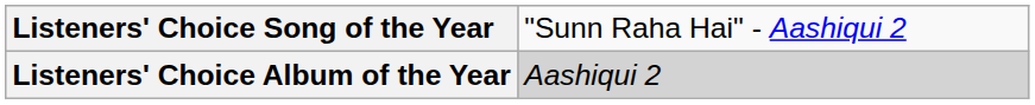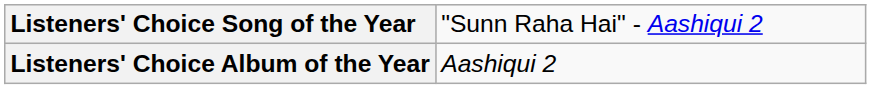 <table class="wikitable">
 <tr>
 <th style="text-align: left; width:50%;">Listeners' Choice Song of the Year</th>
 <td>"Sunn Raha Hai" - <em><a href='#'>Aashiqui 2</a></em></td>
 </tr>
 <tr>
 <th style="text-align: left;">Listeners' Choice Album of the Year</th>
-<td style="background: lightgrey;"><em>Aashiqui 2</em></td>
+<td><em>Aashiqui 2</em></td>
 </tr>
 </table>
